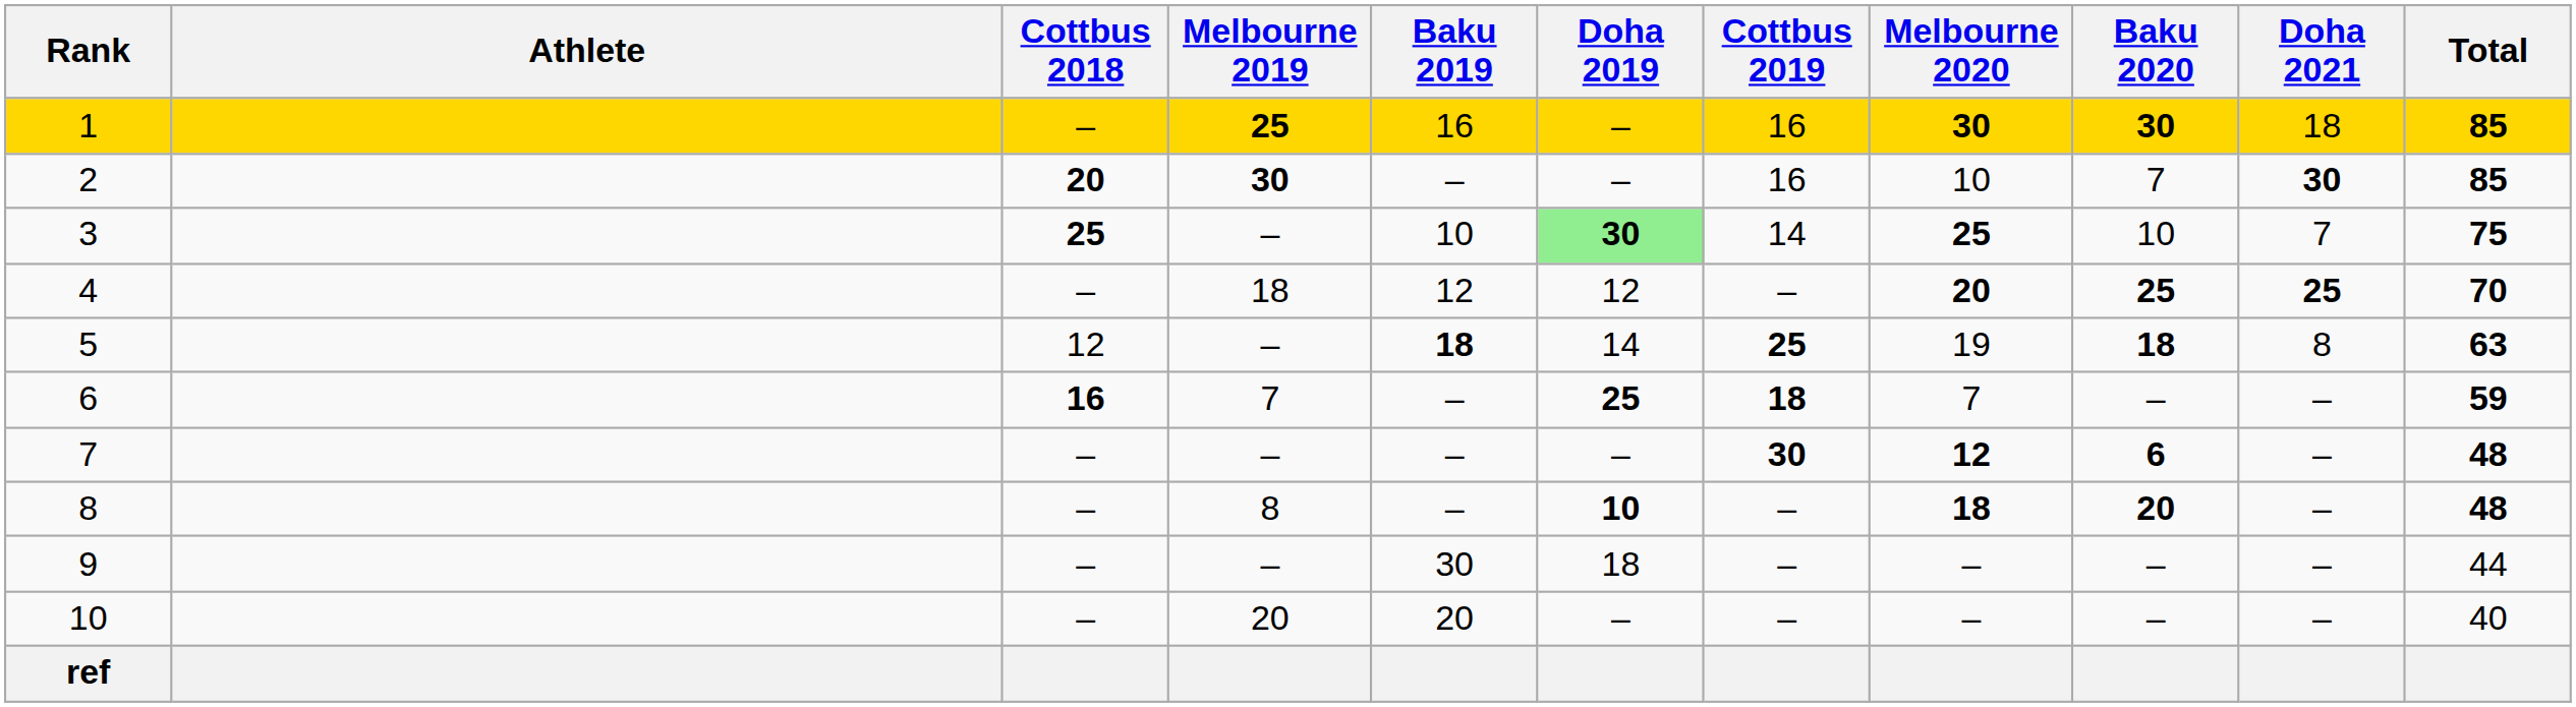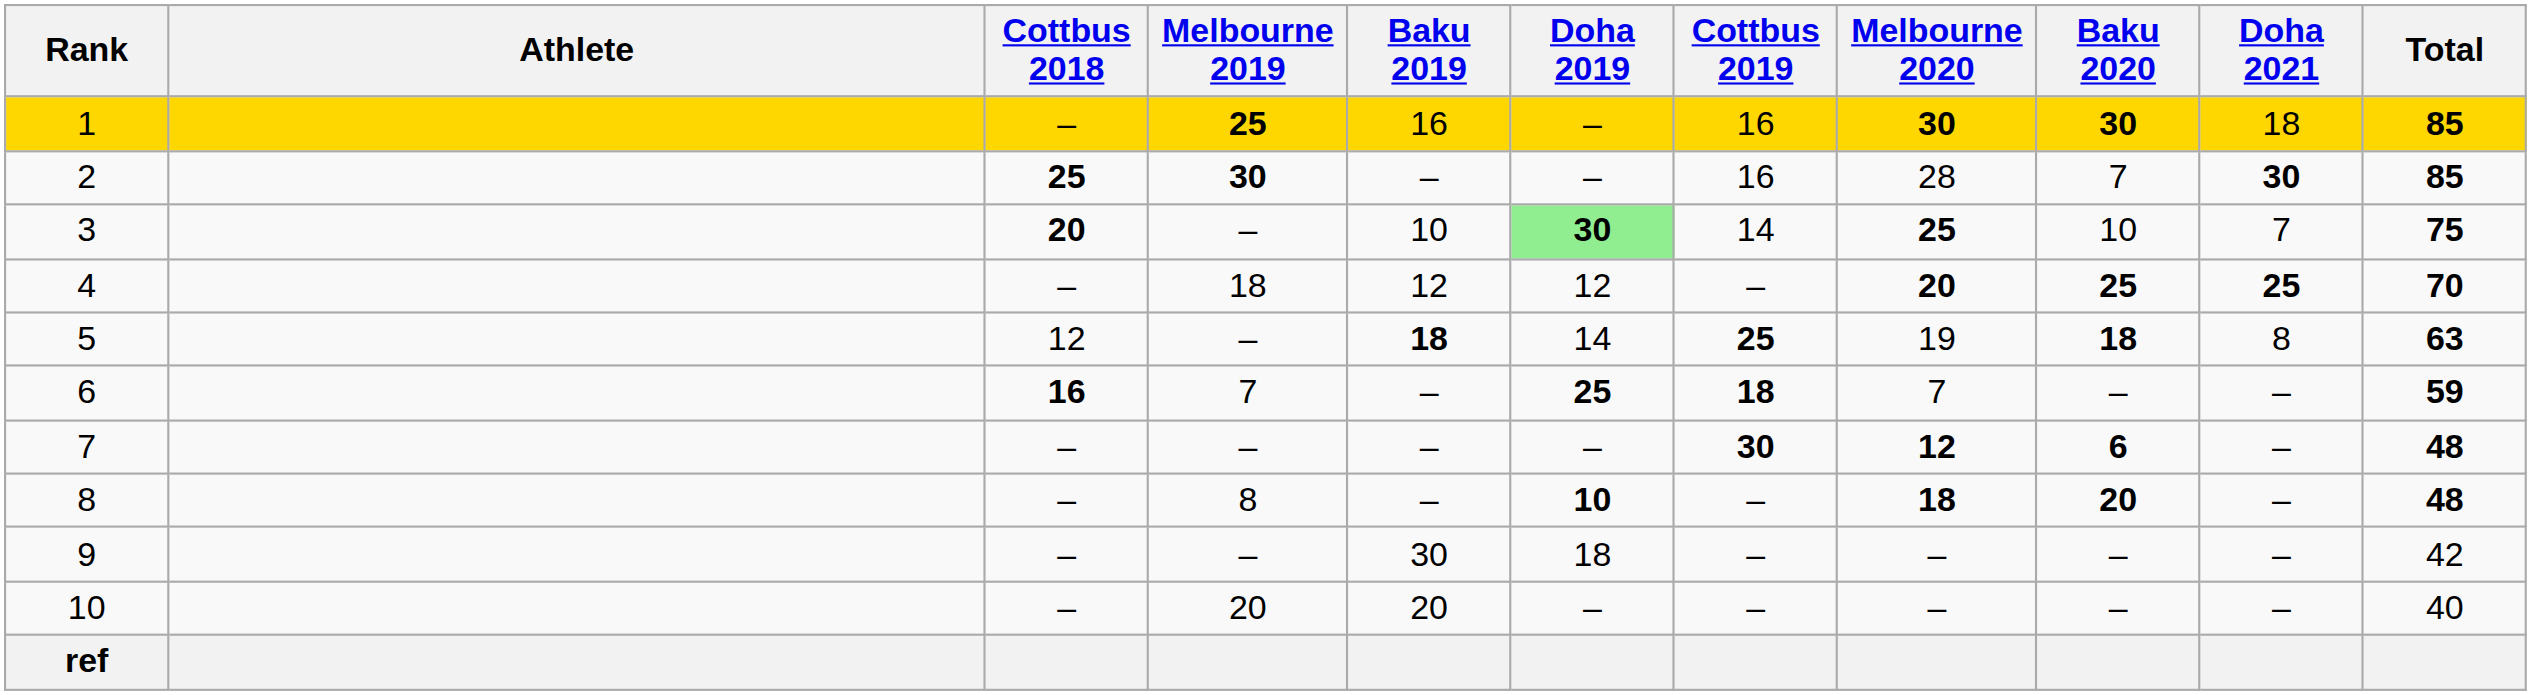 <table style="width:60%;" class="wikitable">
 <tr>
 <th style="text-align:center; width:6%;">Rank</th>
 <th style="text-align:center; width:30%;">Athlete</th>
 <th style="text-align:center; width:6%;"><a href='#'>Cottbus 2018</a></th>
 <th style="text-align:center; width:6%;"><a href='#'>Melbourne 2019</a></th>
 <th style="text-align:center; width:6%;"><a href='#'>Baku 2019</a></th>
 <th style="text-align:center; width:6%;"><a href='#'>Doha 2019</a></th>
 <th style="text-align:center; width:6%;"><a href='#'>Cottbus 2019</a></th>
 <th style="text-align:center; width:6%;"><a href='#'>Melbourne 2020</a></th>
 <th style="text-align:center; width:6%;"><a href='#'>Baku 2020</a></th>
 <th style="text-align:center; width:6%;"><a href='#'>Doha 2021</a></th>
 <th style="text-align:center; width:6%;">Total</th>
 </tr>
 <tr scope=row style="text-align:center" bgcolor=gold>
 <td>1</td>
 <td align=left></td>
 <td>–</td>
 <td><strong>25</strong></td>
 <td>16</td>
 <td>–</td>
 <td>16</td>
 <td><strong>30</strong></td>
 <td><strong>30</strong></td>
 <td>18</td>
 <td><strong>85</strong></td>
 </tr>
 <tr scope=row style="text-align:center">
 <td>2</td>
 <td align=left></td>
-<td><strong>20</strong></td>
+<td><strong>25</strong></td>
 <td><strong>30</strong></td>
 <td>–</td>
 <td>–</td>
 <td>16</td>
-<td>10</td>
+<td>28</td>
 <td>7</td>
 <td><strong>30</strong></td>
 <td><strong>85</strong></td>
 </tr>
 <tr scope=row style="text-align:center">
 <td>3</td>
 <td align=left></td>
-<td><strong>25</strong></td>
+<td><strong>20</strong></td>
 <td>–</td>
 <td>10</td>
 <td style="background: lightgreen;"><strong>30</strong></td>
 <td>14</td>
 <td><strong>25</strong></td>
 <td>10</td>
 <td>7</td>
 <td><strong>75</strong></td>
 </tr>
 <tr scope=row style="text-align:center">
 <td>4</td>
 <td align=left></td>
 <td>–</td>
 <td>18</td>
 <td>12</td>
 <td>12</td>
 <td>–</td>
 <td><strong>20</strong></td>
 <td><strong>25</strong></td>
 <td><strong>25</strong></td>
 <td><strong>70</strong></td>
 </tr>
 <tr scope=row style="text-align:center">
 <td>5</td>
 <td align=left></td>
 <td>12</td>
 <td>–</td>
 <td><strong>18</strong></td>
 <td>14</td>
 <td><strong>25</strong></td>
 <td>19</td>
 <td><strong>18</strong></td>
 <td>8</td>
 <td><strong>63</strong></td>
 </tr>
 <tr scope=row style="text-align:center">
 <td>6</td>
 <td align=left></td>
 <td><strong>16</strong></td>
 <td>7</td>
 <td>–</td>
 <td><strong>25</strong></td>
 <td><strong>18</strong></td>
 <td>7</td>
 <td>–</td>
 <td>–</td>
 <td><strong>59</strong></td>
 </tr>
 <tr scope=row style="text-align:center">
 <td>7</td>
 <td align=left></td>
 <td>–</td>
 <td>–</td>
 <td>–</td>
 <td>–</td>
 <td><strong>30</strong></td>
 <td><strong>12</strong></td>
 <td><strong>6</strong></td>
 <td>–</td>
 <td><strong>48</strong></td>
 </tr>
 <tr scope=row style="text-align:center">
 <td>8</td>
 <td align=left></td>
 <td>–</td>
 <td>8</td>
 <td>–</td>
 <td><strong>10</strong></td>
 <td>–</td>
 <td><strong>18</strong></td>
 <td><strong>20</strong></td>
 <td>–</td>
 <td><strong>48</strong></td>
 </tr>
 <tr scope=row style="text-align:center">
 <td>9</td>
 <td align=left></td>
 <td>–</td>
 <td>–</td>
 <td>30</td>
 <td>18</td>
 <td>–</td>
 <td>–</td>
 <td>–</td>
 <td>–</td>
-<td>44</td>
+<td>42</td>
 </tr>
 <tr scope=row style="text-align:center">
 <td>10</td>
 <td align=left></td>
 <td>–</td>
 <td>20</td>
 <td>20</td>
 <td>–</td>
 <td>–</td>
 <td>–</td>
 <td>–</td>
 <td>–</td>
 <td>40</td>
 </tr>
 <tr scope=row style="text-align:center">
 <th>ref</th>
 <th></th>
 <th></th>
 <th></th>
 <th></th>
 <th></th>
 <th></th>
 <th></th>
 <th></th>
 <th></th>
 <th></th>
 </tr>
 </table>
